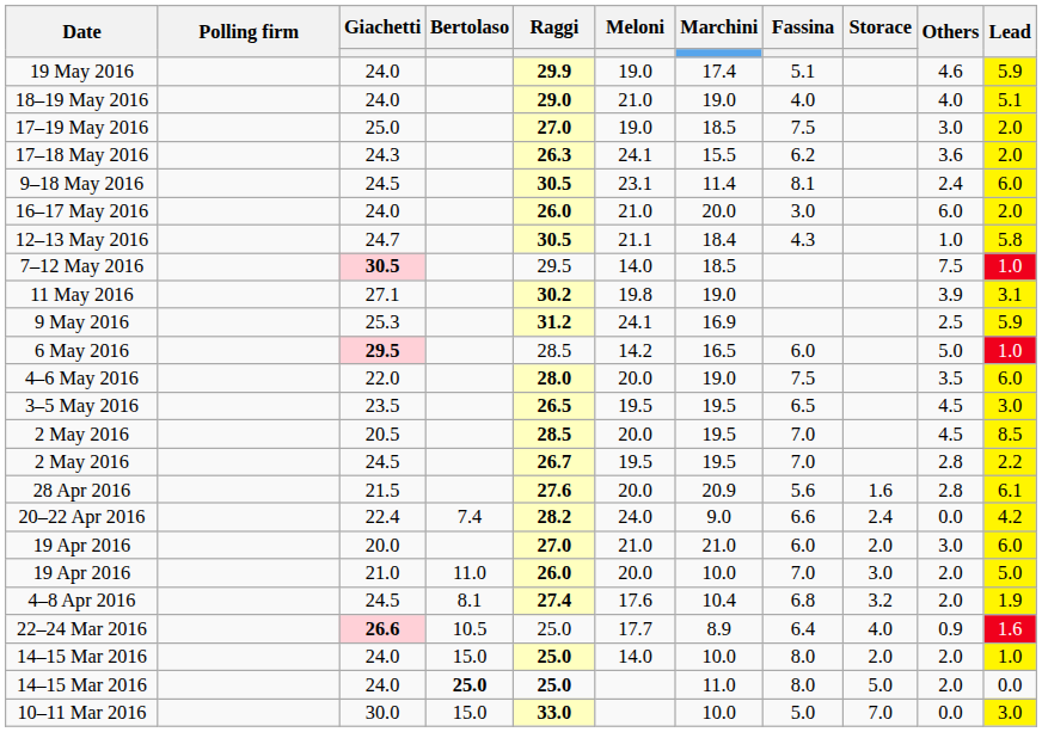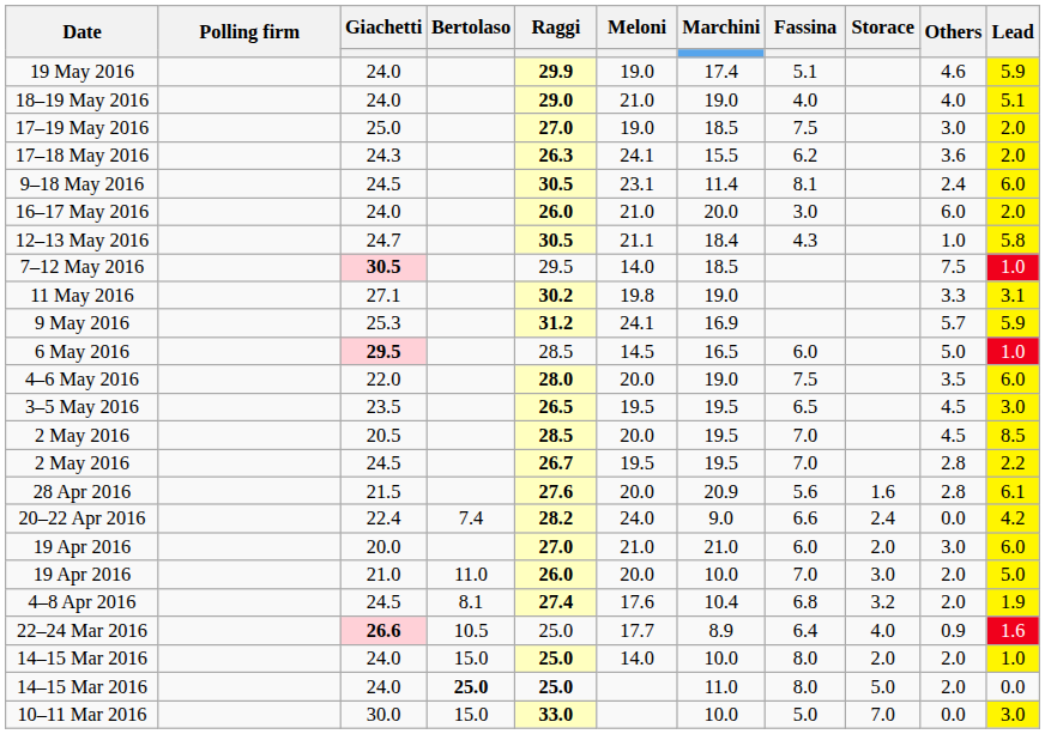 <table class=wikitable style="text-align:center;font-size:85%;line-height:13px">
 <tr style="height:30px; background-color:#E9E9E9">
 <th style="width:100px;" rowspan="2">Date</th>
 <th style="width:120px;" rowspan="2">Polling firm</th>
 <th style="width:50px;">Giachetti</th>
 <th style="width:50px;">Bertolaso</th>
 <th style="width:50px;">Raggi</th>
 <th style="width:50px;">Meloni</th>
 <th style="width:50px;">Marchini</th>
 <th style="width:50px;">Fassina</th>
 <th style="width:45px;">Storace</th>
 <th style="width:40px;" rowspan="2">Others</th>
 <th style="width:30px;" rowspan="2">Lead</th>
 </tr>
 <tr>
 <th style="background:"></th>
 <th style="background:"></th>
 <th style="background:"></th>
 <th style="background:"></th>
 <th style="background:#56A5EC;"></th>
 <th style="background:"></th>
 <th style="background:"></th>
 </tr>
 <tr>
 <td>19 May 2016</td>
 <td></td>
 <td>24.0</td>
 <td></td>
 <td style="background:#FFFFBF"><strong>29.9</strong></td>
 <td>19.0</td>
 <td>17.4</td>
 <td>5.1</td>
 <td></td>
 <td>4.6</td>
 <td style="background:#FFF500; color:black;">5.9</td>
 </tr>
 <tr>
 <td>18–19 May 2016</td>
 <td></td>
 <td>24.0</td>
 <td></td>
 <td style="background:#FFFFBF"><strong>29.0</strong></td>
 <td>21.0</td>
 <td>19.0</td>
 <td>4.0</td>
 <td></td>
 <td>4.0</td>
 <td style="background:#FFF500; color:black;">5.1</td>
 </tr>
 <tr>
 <td>17–19 May 2016</td>
 <td></td>
 <td>25.0</td>
 <td></td>
 <td style="background:#FFFFBF"><strong>27.0</strong></td>
 <td>19.0</td>
 <td>18.5</td>
 <td>7.5</td>
 <td></td>
 <td>3.0</td>
 <td style="background:#FFF500; color:black;">2.0</td>
 </tr>
 <tr>
 <td>17–18 May 2016</td>
 <td></td>
 <td>24.3</td>
 <td></td>
 <td style="background:#FFFFBF"><strong>26.3</strong></td>
 <td>24.1</td>
 <td>15.5</td>
 <td>6.2</td>
 <td></td>
 <td>3.6</td>
 <td style="background:#FFF500; color:black;">2.0</td>
 </tr>
 <tr>
 <td>9–18 May 2016</td>
 <td></td>
 <td>24.5</td>
 <td></td>
 <td style="background:#FFFFBF"><strong>30.5</strong></td>
 <td>23.1</td>
 <td>11.4</td>
 <td>8.1</td>
 <td></td>
 <td>2.4</td>
 <td style="background:#FFF500; color:black;">6.0</td>
 </tr>
 <tr>
 <td>16–17 May 2016</td>
 <td></td>
 <td>24.0</td>
 <td></td>
 <td style="background:#FFFFBF"><strong>26.0</strong></td>
 <td>21.0</td>
 <td>20.0</td>
 <td>3.0</td>
 <td></td>
 <td>6.0</td>
 <td style="background:#FFF500; color:black;">2.0</td>
 </tr>
 <tr>
 <td>12–13 May 2016</td>
 <td></td>
 <td>24.7</td>
 <td></td>
 <td style="background:#FFFFBF"><strong>30.5</strong></td>
 <td>21.1</td>
 <td>18.4</td>
 <td>4.3</td>
 <td></td>
 <td>1.0</td>
 <td style="background:#FFF500; color:black;">5.8</td>
 </tr>
 <tr>
 <td>7–12 May 2016</td>
 <td></td>
 <td style="background:#FFD0D7"><strong>30.5</strong></td>
 <td></td>
 <td>29.5</td>
 <td>14.0</td>
 <td>18.5</td>
 <td></td>
 <td></td>
 <td>7.5</td>
 <td style="background:#F0001C; color:white;">1.0</td>
 </tr>
 <tr>
 <td>11 May 2016</td>
 <td></td>
 <td>27.1</td>
 <td></td>
 <td style="background:#FFFFBF"><strong>30.2</strong></td>
 <td>19.8</td>
 <td>19.0</td>
 <td></td>
 <td></td>
-<td>3.9</td>
+<td>3.3</td>
 <td style="background:#FFF500; color:black;">3.1</td>
 </tr>
 <tr>
 <td>9 May 2016</td>
 <td></td>
 <td>25.3</td>
 <td></td>
 <td style="background:#FFFFBF"><strong>31.2</strong></td>
 <td>24.1</td>
 <td>16.9</td>
 <td></td>
 <td></td>
-<td>2.5</td>
+<td>5.7</td>
 <td style="background:#FFF500; color:black;">5.9</td>
 </tr>
 <tr>
 <td>6 May 2016</td>
 <td></td>
 <td style="background:#FFD0D7"><strong>29.5</strong></td>
 <td></td>
 <td>28.5</td>
-<td>14.2</td>
+<td>14.5</td>
 <td>16.5</td>
 <td>6.0</td>
 <td></td>
 <td>5.0</td>
 <td style="background:#F0001C; color:white;">1.0</td>
 </tr>
 <tr>
 <td>4–6 May 2016</td>
 <td></td>
 <td>22.0</td>
 <td></td>
 <td style="background:#FFFFBF"><strong>28.0</strong></td>
 <td>20.0</td>
 <td>19.0</td>
 <td>7.5</td>
 <td></td>
 <td>3.5</td>
 <td style="background:#FFF500; color:black;">6.0</td>
 </tr>
 <tr>
 <td>3–5 May 2016</td>
 <td></td>
 <td>23.5</td>
 <td></td>
 <td style="background:#FFFFBF"><strong>26.5</strong></td>
 <td>19.5</td>
 <td>19.5</td>
 <td>6.5</td>
 <td></td>
 <td>4.5</td>
 <td style="background:#FFF500; color:black;">3.0</td>
 </tr>
 <tr>
 <td>2 May 2016</td>
 <td></td>
 <td>20.5</td>
 <td></td>
 <td style="background:#FFFFBF"><strong>28.5</strong></td>
 <td>20.0</td>
 <td>19.5</td>
 <td>7.0</td>
 <td></td>
 <td>4.5</td>
 <td style="background:#FFF500; color:black;">8.5</td>
 </tr>
 <tr>
 <td>2 May 2016</td>
 <td></td>
 <td>24.5</td>
 <td></td>
 <td style="background:#FFFFBF"><strong>26.7</strong></td>
 <td>19.5</td>
 <td>19.5</td>
 <td>7.0</td>
 <td></td>
 <td>2.8</td>
 <td style="background:#FFF500; color:black;">2.2</td>
 </tr>
 <tr>
 <td>28 Apr 2016</td>
 <td></td>
 <td>21.5</td>
 <td></td>
 <td style="background:#FFFFBF"><strong>27.6</strong></td>
 <td>20.0</td>
 <td>20.9</td>
 <td>5.6</td>
 <td>1.6</td>
 <td>2.8</td>
 <td style="background:#FFF500; color:black;">6.1</td>
 </tr>
 <tr>
 <td>20–22 Apr 2016</td>
 <td></td>
 <td>22.4</td>
 <td>7.4</td>
 <td style="background:#FFFFBF"><strong>28.2</strong></td>
 <td>24.0</td>
 <td>9.0</td>
 <td>6.6</td>
 <td>2.4</td>
 <td>0.0</td>
 <td style="background:#FFF500; color:black;">4.2</td>
 </tr>
 <tr>
 <td>19 Apr 2016</td>
 <td></td>
 <td>20.0</td>
 <td></td>
 <td style="background:#FFFFBF"><strong>27.0</strong></td>
 <td>21.0</td>
 <td>21.0</td>
 <td>6.0</td>
 <td>2.0</td>
 <td>3.0</td>
 <td style="background:#FFF500; color:black;">6.0</td>
 </tr>
 <tr>
 <td>19 Apr 2016</td>
 <td></td>
 <td>21.0</td>
 <td>11.0</td>
 <td style="background:#FFFFBF"><strong>26.0</strong></td>
 <td>20.0</td>
 <td>10.0</td>
 <td>7.0</td>
 <td>3.0</td>
 <td>2.0</td>
 <td style="background:#FFF500; color:black;">5.0</td>
 </tr>
 <tr>
 <td>4–8 Apr 2016</td>
 <td></td>
 <td>24.5</td>
 <td>8.1</td>
 <td style="background:#FFFFBF"><strong>27.4</strong></td>
 <td>17.6</td>
 <td>10.4</td>
 <td>6.8</td>
 <td>3.2</td>
 <td>2.0</td>
 <td style="background:#FFF500; color:black;">1.9</td>
 </tr>
 <tr>
 <td>22–24 Mar 2016</td>
 <td></td>
 <td style="background:#FFD0D7"><strong>26.6</strong></td>
 <td>10.5</td>
 <td>25.0</td>
 <td>17.7</td>
 <td>8.9</td>
 <td>6.4</td>
 <td>4.0</td>
 <td>0.9</td>
 <td style="background:#F0001C; color:white;">1.6</td>
 </tr>
 <tr>
 <td>14–15 Mar 2016</td>
 <td></td>
 <td>24.0</td>
 <td>15.0</td>
 <td style="background:#FFFFBF"><strong>25.0</strong></td>
 <td>14.0</td>
 <td>10.0</td>
 <td>8.0</td>
 <td>2.0</td>
 <td>2.0</td>
 <td style="background:#FFF500; color:black;">1.0</td>
 </tr>
 <tr>
 <td>14–15 Mar 2016</td>
 <td></td>
 <td>24.0</td>
 <td><strong>25.0</strong></td>
 <td><strong>25.0</strong></td>
 <td></td>
 <td>11.0</td>
 <td>8.0</td>
 <td>5.0</td>
 <td>2.0</td>
 <td>0.0</td>
 </tr>
 <tr>
 <td>10–11 Mar 2016</td>
 <td></td>
 <td>30.0</td>
 <td>15.0</td>
 <td style="background:#FFFFBF"><strong>33.0</strong></td>
 <td></td>
 <td>10.0</td>
 <td>5.0</td>
 <td>7.0</td>
 <td>0.0</td>
 <td style="background:#FFF500; color:black;">3.0</td>
 </tr>
 </table>
